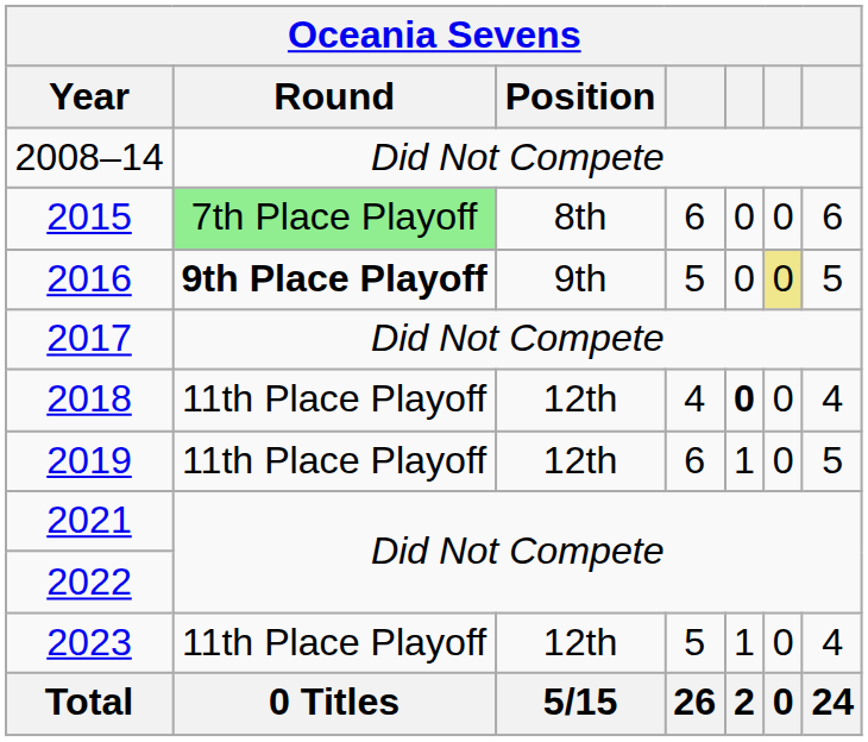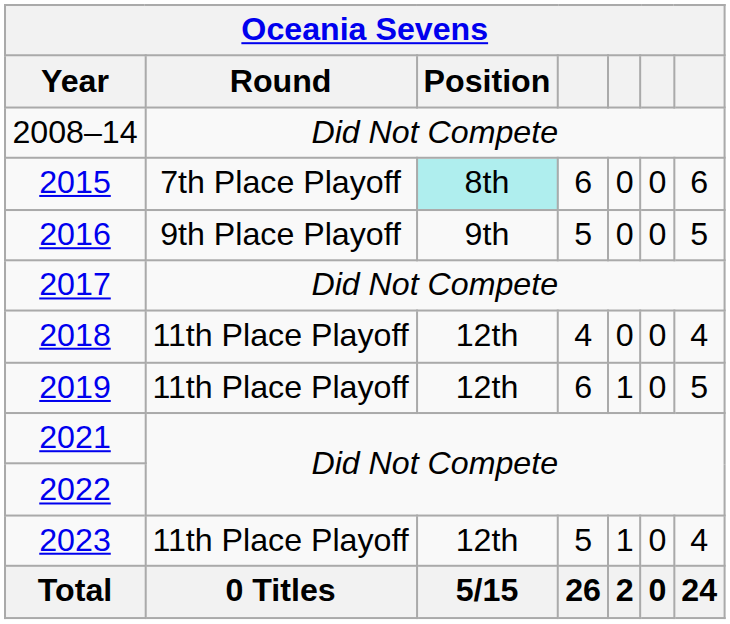 <table class="wikitable" style="text-align: center;">
 <tr>
 <th colspan="7"><a href='#'>Oceania Sevens</a></th>
 </tr>
 <tr>
 <th>Year</th>
 <th>Round</th>
 <th>Position</th>
 <th></th>
 <th></th>
 <th></th>
 <th></th>
 </tr>
 <tr>
 <td>2008–14</td>
 <td colspan="6"><em>Did Not Compete</em></td>
 </tr>
 <tr>
 <td> <a href='#'>2015</a></td>
-<td style="background: lightgreen;">7th Place Playoff</td>
-<td>8th</td>
+<td>7th Place Playoff</td>
+<td style="background: paleturquoise;">8th</td>
 <td>6</td>
 <td>0</td>
 <td>0</td>
 <td>6</td>
 </tr>
 <tr>
 <td> <a href='#'>2016</a></td>
-<td><strong>9th Place Playoff</strong></td>
+<td>9th Place Playoff</td>
 <td>9th</td>
 <td>5</td>
 <td>0</td>
-<td style="background: khaki;">0</td>
+<td>0</td>
 <td>5</td>
 </tr>
 <tr>
 <td> <a href='#'>2017</a></td>
 <td colspan="6"><em>Did Not Compete</em></td>
 </tr>
 <tr>
 <td> <a href='#'>2018</a></td>
 <td>11th Place Playoff</td>
 <td>12th</td>
 <td>4</td>
-<td><strong>0</strong></td>
+<td>0</td>
 <td>0</td>
 <td>4</td>
 </tr>
 <tr>
 <td> <a href='#'>2019</a></td>
 <td>11th Place Playoff</td>
 <td>12th</td>
 <td>6</td>
 <td>1</td>
 <td>0</td>
 <td>5</td>
 </tr>
 <tr>
 <td> <a href='#'>2021</a></td>
 <td colspan="6" rowspan="2"><em>Did Not Compete</em></td>
 </tr>
 <tr>
 <td> <a href='#'>2022</a></td>
 </tr>
 <tr>
 <td> <a href='#'>2023</a></td>
 <td>11th Place Playoff</td>
 <td>12th</td>
 <td>5</td>
 <td>1</td>
 <td>0</td>
 <td>4</td>
 </tr>
 <tr>
 <th>Total</th>
 <th>0 Titles</th>
 <th>5/15</th>
 <th>26</th>
 <th>2</th>
 <th>0</th>
 <th>24</th>
 </tr>
 </table>
